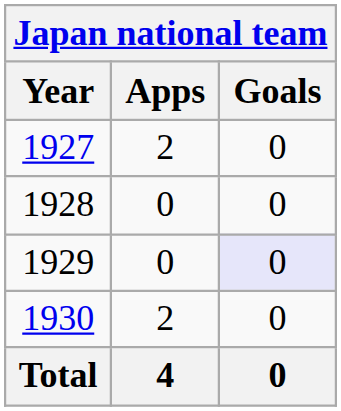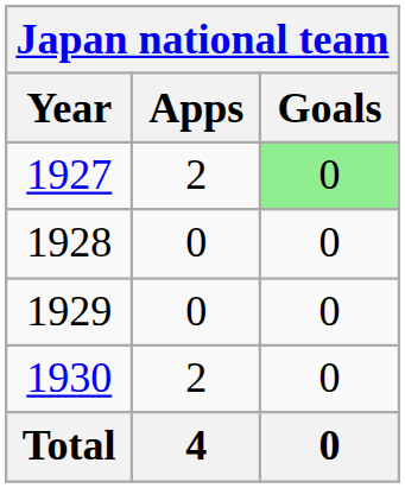 <table class="wikitable" style="text-align:center">
 <tr>
 <th colspan=3><a href='#'>Japan national team</a></th>
 </tr>
 <tr>
 <th>Year</th>
 <th>Apps</th>
 <th>Goals</th>
 </tr>
 <tr>
 <td><a href='#'>1927</a></td>
 <td>2</td>
-<td>0</td>
+<td style="background: lightgreen;">0</td>
 </tr>
 <tr>
 <td>1928</td>
 <td>0</td>
 <td>0</td>
 </tr>
 <tr>
 <td>1929</td>
 <td>0</td>
-<td style="background: lavender;">0</td>
+<td>0</td>
 </tr>
 <tr>
 <td><a href='#'>1930</a></td>
 <td>2</td>
 <td>0</td>
 </tr>
 <tr>
 <th>Total</th>
 <th>4</th>
 <th>0</th>
 </tr>
 </table>
